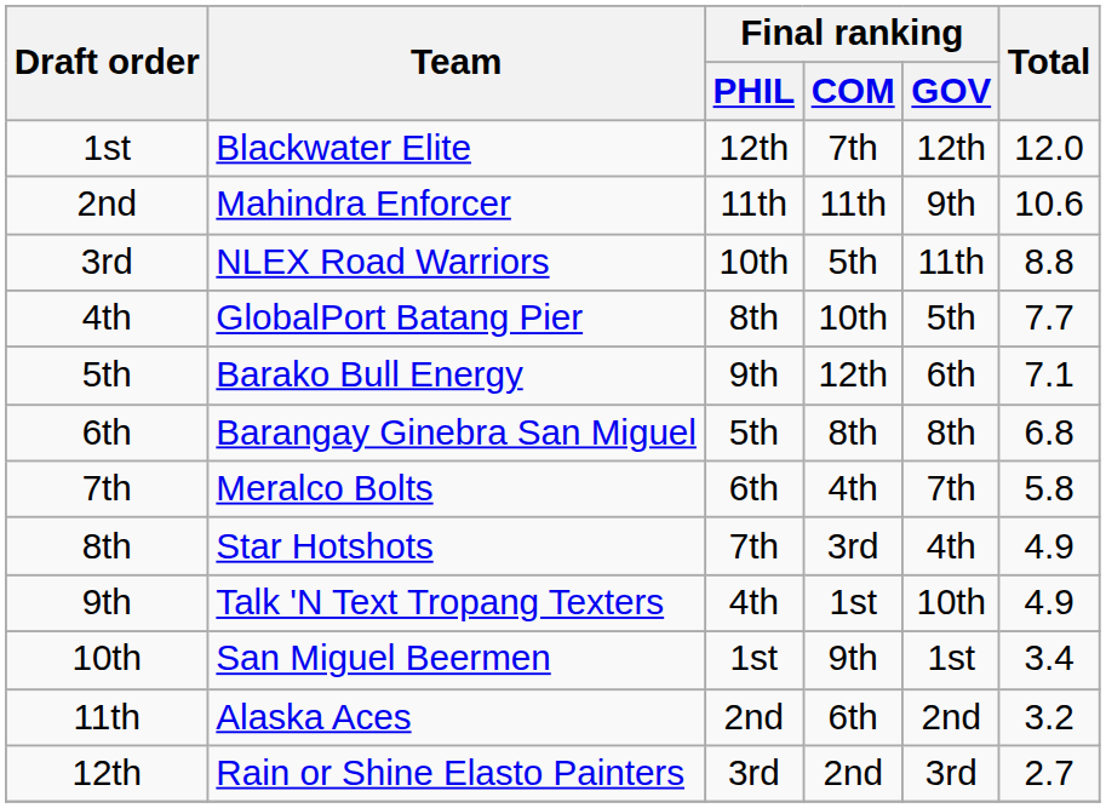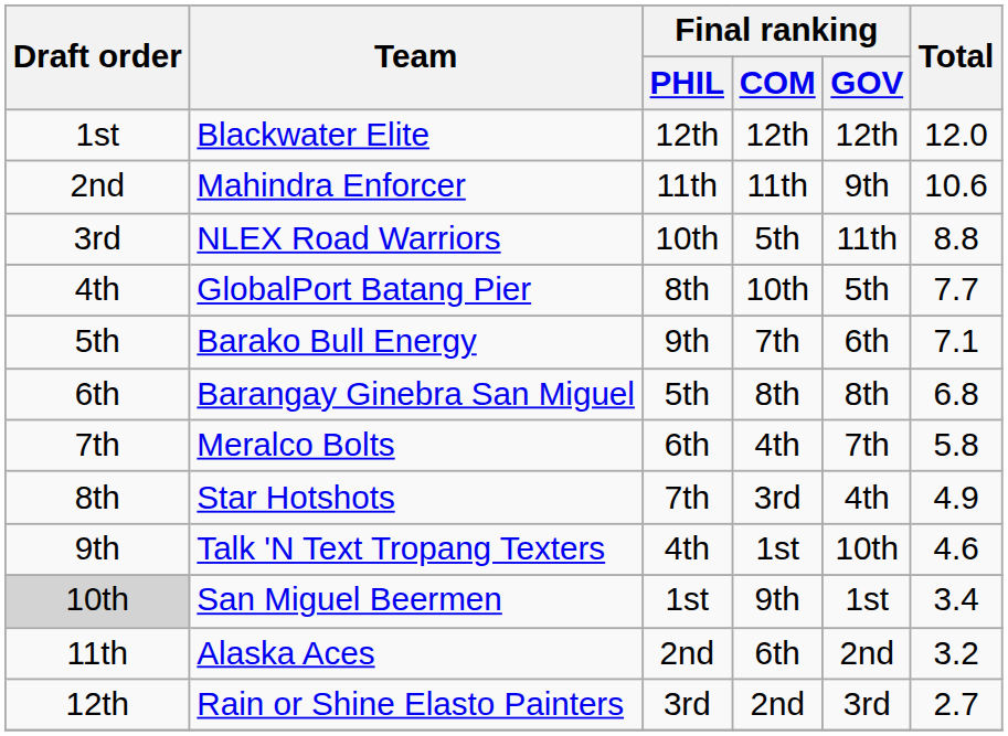 <table class=wikitable style="text-align:center;">
 <tr>
 <th rowspan=2>Draft order</th>
 <th rowspan=2>Team</th>
 <th colspan=3>Final ranking</th>
 <th rowspan=2>Total</th>
 </tr>
 <tr>
 <th><a href='#'>PHIL</a></th>
 <th><a href='#'>COM</a></th>
 <th><a href='#'>GOV</a></th>
 </tr>
 <tr>
 <td>1st</td>
 <td align="left"><a href='#'>Blackwater Elite</a></td>
 <td>12th</td>
-<td>7th</td>
+<td>12th</td>
 <td>12th</td>
 <td>12.0</td>
 </tr>
 <tr>
 <td>2nd</td>
 <td align="left"><a href='#'>Mahindra Enforcer</a></td>
 <td>11th</td>
 <td>11th</td>
 <td>9th</td>
 <td>10.6</td>
 </tr>
 <tr>
 <td>3rd</td>
 <td align="left"><a href='#'>NLEX Road Warriors</a></td>
 <td>10th</td>
 <td>5th</td>
 <td>11th</td>
 <td>8.8</td>
 </tr>
 <tr>
 <td>4th</td>
 <td align="left"><a href='#'>GlobalPort Batang Pier</a></td>
 <td>8th</td>
 <td>10th</td>
 <td>5th</td>
 <td>7.7</td>
 </tr>
 <tr>
 <td>5th</td>
 <td align="left"><a href='#'>Barako Bull Energy</a></td>
 <td>9th</td>
-<td>12th</td>
+<td>7th</td>
 <td>6th</td>
 <td>7.1</td>
 </tr>
 <tr>
 <td>6th</td>
 <td align="left"><a href='#'>Barangay Ginebra San Miguel</a></td>
 <td>5th</td>
 <td>8th</td>
 <td>8th</td>
 <td>6.8</td>
 </tr>
 <tr>
 <td>7th</td>
 <td align="left"><a href='#'>Meralco Bolts</a></td>
 <td>6th</td>
 <td>4th</td>
 <td>7th</td>
 <td>5.8</td>
 </tr>
 <tr>
 <td>8th</td>
 <td align="left"><a href='#'>Star Hotshots</a></td>
 <td>7th</td>
 <td>3rd</td>
 <td>4th</td>
 <td>4.9</td>
 </tr>
 <tr>
 <td>9th</td>
 <td align="left"><a href='#'>Talk 'N Text Tropang Texters</a></td>
 <td>4th</td>
 <td>1st</td>
 <td>10th</td>
-<td>4.9</td>
+<td>4.6</td>
 </tr>
 <tr>
-<td>10th</td>
+<td style="background: lightgrey;">10th</td>
 <td align="left"><a href='#'>San Miguel Beermen</a></td>
 <td>1st</td>
 <td>9th</td>
 <td>1st</td>
 <td>3.4</td>
 </tr>
 <tr>
 <td>11th</td>
 <td align="left"><a href='#'>Alaska Aces</a></td>
 <td>2nd</td>
 <td>6th</td>
 <td>2nd</td>
 <td>3.2</td>
 </tr>
 <tr>
 <td>12th</td>
 <td align="left"><a href='#'>Rain or Shine Elasto Painters</a></td>
 <td>3rd</td>
 <td>2nd</td>
 <td>3rd</td>
 <td>2.7</td>
 </tr>
 <tr>
 </tr>
 </table>
